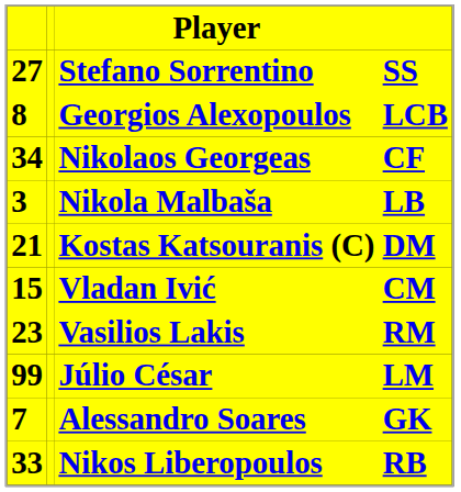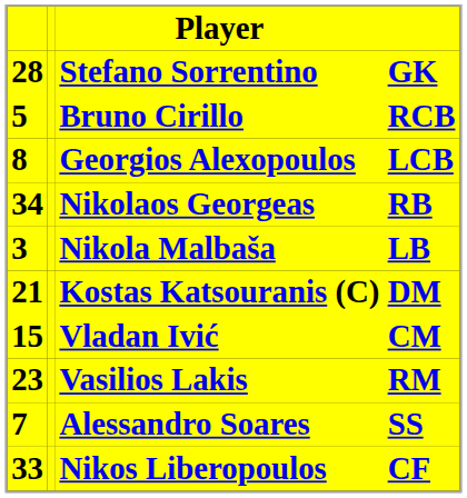 <table class="toccolours" border="0" cellpadding="2" cellspacing="0" align="center" style="margin: 0.5em 0 1em 1em; background: #000000; border: 1px #aaaaaa solid;">
 <tr bgcolor=#FFFF00>
 <th></th>
 <th></th>
 <th>Player</th>
 <th></th>
 </tr>
 <tr bgcolor=#FFFF00>
-<td><strong>27</strong></td>
+<td><strong>28</strong></td>
 <td></td>
 <td><a href='#'><span><strong>Stefano Sorrentino</strong></span></a></td>
-<td><a href='#'><strong>SS</strong></a></td>
+<td><a href='#'><strong>GK</strong></a></td>
+</tr>
+<tr bgcolor=#FFFF00>
+<td><strong>5</strong></td>
+<td></td>
+<td><a href='#'><span><strong>Bruno Cirillo</strong></span></a></td>
+<td><a href='#'><strong>RCB</strong></a></td>
 </tr>
 <tr bgcolor=#FFFF00>
 <td><strong>8</strong></td>
 <td></td>
 <td><a href='#'><span><strong>Georgios Alexopoulos</strong></span></a></td>
 <td><a href='#'><strong>LCB</strong></a></td>
 </tr>
 <tr bgcolor=#FFFF00>
 <td><strong>34</strong></td>
 <td></td>
 <td><a href='#'><span><strong>Nikolaos Georgeas</strong></span></a></td>
-<td><a href='#'><strong>CF</strong></a></td>
+<td><a href='#'><strong>RB</strong></a></td>
 </tr>
 <tr bgcolor=#FFFF00>
 <td><strong>3</strong></td>
 <td></td>
 <td><a href='#'><span><strong>Nikola Malbaša</strong></span></a></td>
 <td><a href='#'><strong>LB</strong></a></td>
 </tr>
 <tr bgcolor=#FFFF00>
 <td><strong>21</strong></td>
 <td></td>
 <td><a href='#'><span><strong>Kostas Katsouranis</strong></span></a> <strong>(C)</strong></td>
 <td><a href='#'><strong>DM</strong></a></td>
 </tr>
 <tr bgcolor=#FFFF00>
 <td><strong>15</strong></td>
 <td></td>
 <td><a href='#'><span><strong>Vladan Ivić</strong></span></a></td>
 <td><a href='#'><strong>CM</strong></a></td>
 </tr>
 <tr bgcolor=#FFFF00>
 <td><strong>23</strong></td>
 <td></td>
 <td><a href='#'><span><strong>Vasilios Lakis</strong></span></a></td>
 <td><a href='#'><strong>RM</strong></a></td>
 </tr>
 <tr bgcolor=#FFFF00>
-<td><strong>99</strong></td>
-<td></td>
-<td><a href='#'><span><strong>Júlio César</strong></span></a></td>
-<td><a href='#'><strong>LM</strong></a></td>
-</tr>
-<tr bgcolor=#FFFF00>
 <td><strong>7</strong></td>
 <td></td>
 <td><a href='#'><span><strong>Alessandro Soares</strong></span></a></td>
-<td><a href='#'><strong>GK</strong></a></td>
+<td><a href='#'><strong>SS</strong></a></td>
 </tr>
 <tr bgcolor=#FFFF00>
 <td><strong>33</strong></td>
 <td></td>
 <td><a href='#'><span><strong>Nikos Liberopoulos</strong></span></a></td>
-<td><a href='#'><strong>RB</strong></a></td>
+<td><a href='#'><strong>CF</strong></a></td>
 </tr>
 </table>
